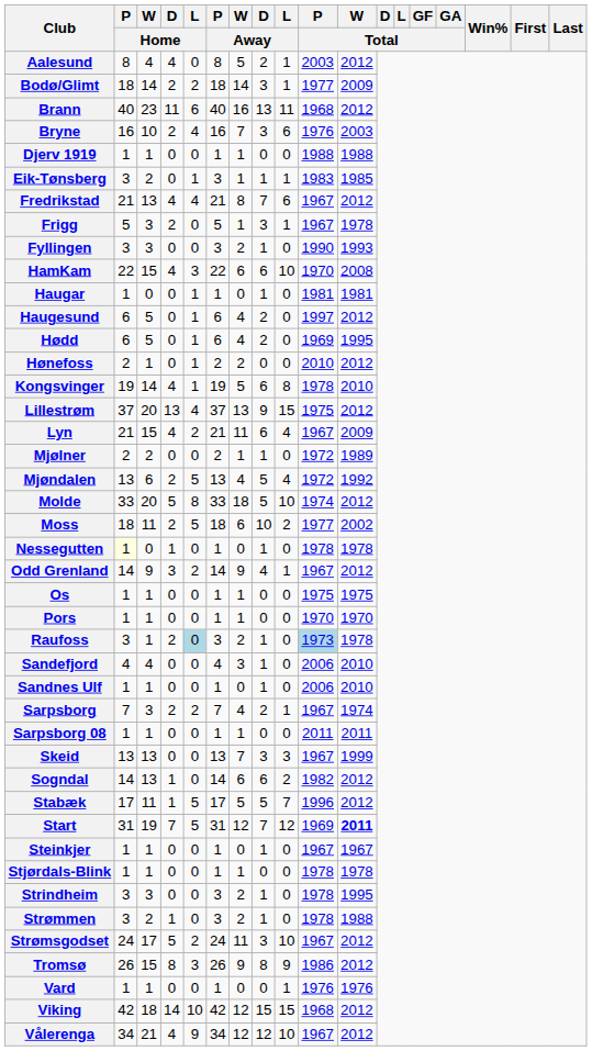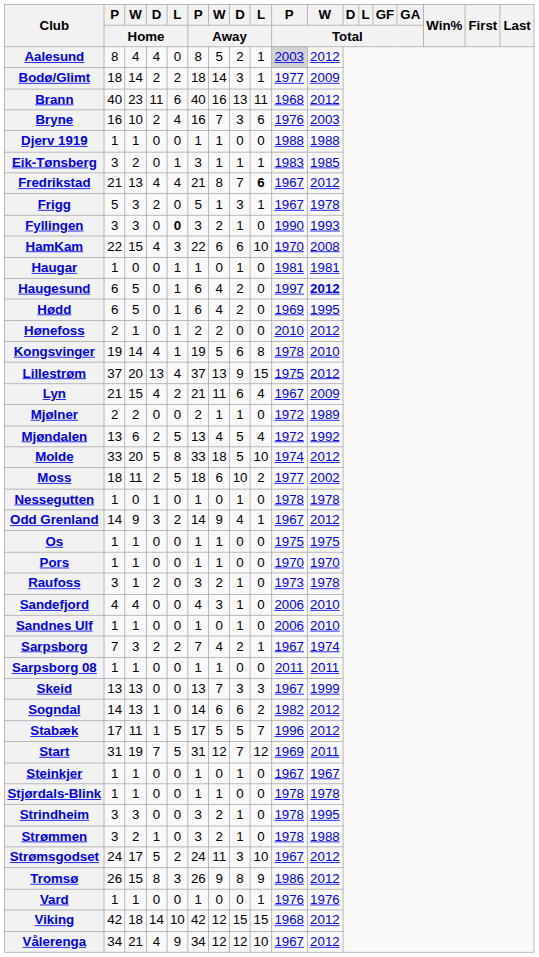 <table class="wikitable sortable plainrowheaders" style="text-align:center">
 <tr>
 <th rowspan=2 scope=col>Club</th>
 <th scope=col>P</th>
 <th scope=col>W</th>
 <th scope=col>D</th>
 <th scope=col>L</th>
 <th scope=col>P</th>
 <th scope=col>W</th>
 <th scope=col>D</th>
 <th scope=col>L</th>
 <th scope=col>P</th>
 <th scope=col>W</th>
 <th scope=col>D</th>
 <th scope=col>L</th>
 <th scope=col>GF</th>
 <th scope=col>GA</th>
 <th rowspan=2 scope=col>Win%</th>
 <th rowspan=2 scope=col>First</th>
 <th rowspan=2 scope=col>Last</th>
 </tr>
 <tr class="unsortable">
 <th colspan=4 scope=col>Home</th>
 <th colspan=4 scope=col>Away</th>
 <th colspan=6 scope=col>Total</th>
 </tr>
 <tr>
 <th scope=row><a href='#'>Aalesund</a></th>
 <td>8</td>
 <td>4</td>
 <td>4</td>
 <td>0</td>
 <td>8</td>
 <td>5</td>
 <td>2</td>
 <td>1<br></td>
-<td align=center><a href='#'>2003</a></td>
+<td align=center style="background: lightgrey;"><a href='#'>2003</a></td>
 <td align=center><a href='#'>2012</a></td>
 </tr>
 <tr>
 <th scope=row><a href='#'>Bodø/Glimt</a></th>
 <td>18</td>
 <td>14</td>
 <td>2</td>
 <td>2</td>
 <td>18</td>
 <td>14</td>
 <td>3</td>
 <td>1<br></td>
 <td align=center><a href='#'>1977</a></td>
 <td align=center><a href='#'>2009</a></td>
 </tr>
 <tr>
 <th scope=row><a href='#'>Brann</a></th>
 <td>40</td>
 <td>23</td>
 <td>11</td>
 <td>6</td>
 <td>40</td>
 <td>16</td>
 <td>13</td>
 <td>11<br></td>
 <td align=center><a href='#'>1968</a></td>
 <td align=center><a href='#'>2012</a></td>
 </tr>
 <tr>
 <th scope=row><a href='#'>Bryne</a></th>
 <td>16</td>
 <td>10</td>
 <td>2</td>
 <td>4</td>
 <td>16</td>
 <td>7</td>
 <td>3</td>
 <td>6<br></td>
 <td align=center><a href='#'>1976</a></td>
 <td align=center><a href='#'>2003</a></td>
 </tr>
 <tr>
 <th scope=row><a href='#'>Djerv 1919</a></th>
 <td>1</td>
 <td>1</td>
 <td>0</td>
 <td>0</td>
 <td>1</td>
 <td>1</td>
 <td>0</td>
 <td>0<br></td>
 <td align=center><a href='#'>1988</a></td>
 <td align=center><a href='#'>1988</a></td>
 </tr>
 <tr>
 <th scope=row><a href='#'>Eik-Tønsberg</a></th>
 <td>3</td>
 <td>2</td>
 <td>0</td>
 <td>1</td>
 <td>3</td>
 <td>1</td>
 <td>1</td>
 <td>1<br></td>
 <td align=center><a href='#'>1983</a></td>
 <td align=center><a href='#'>1985</a></td>
 </tr>
 <tr>
 <th scope=row><a href='#'>Fredrikstad</a></th>
 <td>21</td>
 <td>13</td>
 <td>4</td>
 <td>4</td>
 <td>21</td>
 <td>8</td>
 <td>7</td>
-<td>6<br></td>
+<td><strong>6<br></strong></td>
 <td align=center><a href='#'>1967</a></td>
 <td align=center><a href='#'>2012</a></td>
 </tr>
 <tr>
 <th scope=row><a href='#'>Frigg</a></th>
 <td>5</td>
 <td>3</td>
 <td>2</td>
 <td>0</td>
 <td>5</td>
 <td>1</td>
 <td>3</td>
 <td>1<br></td>
 <td align=center><a href='#'>1967</a></td>
 <td align=center><a href='#'>1978</a></td>
 </tr>
 <tr>
 <th scope=row><a href='#'>Fyllingen</a></th>
 <td>3</td>
 <td>3</td>
 <td>0</td>
-<td>0</td>
+<td><strong>0</strong></td>
 <td>3</td>
 <td>2</td>
 <td>1</td>
 <td>0<br></td>
 <td align=center><a href='#'>1990</a></td>
 <td align=center><a href='#'>1993</a></td>
 </tr>
 <tr>
 <th scope=row><a href='#'>HamKam</a></th>
 <td>22</td>
 <td>15</td>
 <td>4</td>
 <td>3</td>
 <td>22</td>
 <td>6</td>
 <td>6</td>
 <td>10<br></td>
 <td align=center><a href='#'>1970</a></td>
 <td align=center><a href='#'>2008</a></td>
 </tr>
 <tr>
 <th scope=row><a href='#'>Haugar</a></th>
 <td>1</td>
 <td>0</td>
 <td>0</td>
 <td>1</td>
 <td>1</td>
 <td>0</td>
 <td>1</td>
 <td>0<br></td>
 <td align=center><a href='#'>1981</a></td>
 <td align=center><a href='#'>1981</a></td>
 </tr>
 <tr>
 <th scope=row><a href='#'>Haugesund</a></th>
 <td>6</td>
 <td>5</td>
 <td>0</td>
 <td>1</td>
 <td>6</td>
 <td>4</td>
 <td>2</td>
 <td>0<br></td>
 <td align=center><a href='#'>1997</a></td>
-<td align=center><a href='#'>2012</a></td>
+<td align=center><strong><a href='#'>2012</a></strong></td>
 </tr>
 <tr>
 <th scope=row><a href='#'>Hødd</a></th>
 <td>6</td>
 <td>5</td>
 <td>0</td>
 <td>1</td>
 <td>6</td>
 <td>4</td>
 <td>2</td>
 <td>0<br></td>
 <td align=center><a href='#'>1969</a></td>
 <td align=center><a href='#'>1995</a></td>
 </tr>
 <tr>
 <th scope=row><a href='#'>Hønefoss</a></th>
 <td>2</td>
 <td>1</td>
 <td>0</td>
 <td>1</td>
 <td>2</td>
 <td>2</td>
 <td>0</td>
 <td>0<br></td>
 <td align=center><a href='#'>2010</a></td>
 <td align=center><a href='#'>2012</a></td>
 </tr>
 <tr>
 <th scope=row><a href='#'>Kongsvinger</a></th>
 <td>19</td>
 <td>14</td>
 <td>4</td>
 <td>1</td>
 <td>19</td>
 <td>5</td>
 <td>6</td>
 <td>8<br></td>
 <td align=center><a href='#'>1978</a></td>
 <td align=center><a href='#'>2010</a></td>
 </tr>
 <tr>
 <th scope=row><a href='#'>Lillestrøm</a></th>
 <td>37</td>
 <td>20</td>
 <td>13</td>
 <td>4</td>
 <td>37</td>
 <td>13</td>
 <td>9</td>
 <td>15<br></td>
 <td align=center><a href='#'>1975</a></td>
 <td align=center><a href='#'>2012</a></td>
 </tr>
 <tr>
 <th scope=row><a href='#'>Lyn</a></th>
 <td>21</td>
 <td>15</td>
 <td>4</td>
 <td>2</td>
 <td>21</td>
 <td>11</td>
 <td>6</td>
 <td>4<br></td>
 <td align=center><a href='#'>1967</a></td>
 <td align=center><a href='#'>2009</a></td>
 </tr>
 <tr>
 <th scope=row><a href='#'>Mjølner</a></th>
 <td>2</td>
 <td>2</td>
 <td>0</td>
 <td>0</td>
 <td>2</td>
 <td>1</td>
 <td>1</td>
 <td>0<br></td>
 <td align=center><a href='#'>1972</a></td>
 <td align=center><a href='#'>1989</a></td>
 </tr>
 <tr>
 <th scope=row><a href='#'>Mjøndalen</a></th>
 <td>13</td>
 <td>6</td>
 <td>2</td>
 <td>5</td>
 <td>13</td>
 <td>4</td>
 <td>5</td>
 <td>4<br></td>
 <td align=center><a href='#'>1972</a></td>
 <td align=center><a href='#'>1992</a></td>
 </tr>
 <tr>
 <th scope=row><a href='#'>Molde</a></th>
 <td>33</td>
 <td>20</td>
 <td>5</td>
 <td>8</td>
 <td>33</td>
 <td>18</td>
 <td>5</td>
 <td>10<br></td>
 <td align=center><a href='#'>1974</a></td>
 <td align=center><a href='#'>2012</a></td>
 </tr>
 <tr>
 <th scope=row><a href='#'>Moss</a></th>
 <td>18</td>
 <td>11</td>
 <td>2</td>
 <td>5</td>
 <td>18</td>
 <td>6</td>
 <td>10</td>
 <td>2<br></td>
 <td align=center><a href='#'>1977</a></td>
 <td align=center><a href='#'>2002</a></td>
 </tr>
 <tr>
 <th scope=row><a href='#'>Nessegutten</a></th>
-<td style="background: lightyellow;">1</td>
+<td>1</td>
 <td>0</td>
 <td>1</td>
 <td>0</td>
 <td>1</td>
 <td>0</td>
 <td>1</td>
 <td>0<br></td>
 <td align=center><a href='#'>1978</a></td>
 <td align=center><a href='#'>1978</a></td>
 </tr>
 <tr>
 <th scope=row><a href='#'>Odd Grenland</a></th>
 <td>14</td>
 <td>9</td>
 <td>3</td>
 <td>2</td>
 <td>14</td>
 <td>9</td>
 <td>4</td>
 <td>1<br></td>
 <td align=center><a href='#'>1967</a></td>
 <td align=center><a href='#'>2012</a></td>
 </tr>
 <tr>
 <th scope=row><a href='#'>Os</a></th>
 <td>1</td>
 <td>1</td>
 <td>0</td>
 <td>0</td>
 <td>1</td>
 <td>1</td>
 <td>0</td>
 <td>0<br></td>
 <td align=center><a href='#'>1975</a></td>
 <td align=center><a href='#'>1975</a></td>
 </tr>
 <tr>
 <th scope=row><a href='#'>Pors</a></th>
 <td>1</td>
 <td>1</td>
 <td>0</td>
 <td>0</td>
 <td>1</td>
 <td>1</td>
 <td>0</td>
 <td>0<br></td>
 <td align=center><a href='#'>1970</a></td>
 <td align=center><a href='#'>1970</a></td>
 </tr>
 <tr>
 <th scope=row><a href='#'>Raufoss</a></th>
 <td>3</td>
 <td>1</td>
 <td>2</td>
-<td style="background: lightblue;">0</td>
+<td>0</td>
 <td>3</td>
 <td>2</td>
 <td>1</td>
 <td>0<br></td>
-<td align=center style="background: lightblue;"><a href='#'>1973</a></td>
+<td align=center><a href='#'>1973</a></td>
 <td align=center><a href='#'>1978</a></td>
 </tr>
 <tr>
 <th scope=row><a href='#'>Sandefjord</a></th>
 <td>4</td>
 <td>4</td>
 <td>0</td>
 <td>0</td>
 <td>4</td>
 <td>3</td>
 <td>1</td>
 <td>0<br></td>
 <td align=center><a href='#'>2006</a></td>
 <td align=center><a href='#'>2010</a></td>
 </tr>
 <tr>
 <th scope=row><a href='#'>Sandnes Ulf</a></th>
 <td>1</td>
 <td>1</td>
 <td>0</td>
 <td>0</td>
 <td>1</td>
 <td>0</td>
 <td>1</td>
 <td>0<br></td>
 <td align=center><a href='#'>2006</a></td>
 <td align=center><a href='#'>2010</a></td>
 </tr>
 <tr>
 <th scope=row><a href='#'>Sarpsborg</a></th>
 <td>7</td>
 <td>3</td>
 <td>2</td>
 <td>2</td>
 <td>7</td>
 <td>4</td>
 <td>2</td>
 <td>1<br></td>
 <td align=center><a href='#'>1967</a></td>
 <td align=center><a href='#'>1974</a></td>
 </tr>
 <tr>
 <th scope=row><a href='#'>Sarpsborg 08</a></th>
 <td>1</td>
 <td>1</td>
 <td>0</td>
 <td>0</td>
 <td>1</td>
 <td>1</td>
 <td>0</td>
 <td>0<br></td>
 <td align=center><a href='#'>2011</a></td>
 <td align=center><a href='#'>2011</a></td>
 </tr>
 <tr>
 <th scope=row><a href='#'>Skeid</a></th>
 <td>13</td>
 <td>13</td>
 <td>0</td>
 <td>0</td>
 <td>13</td>
 <td>7</td>
 <td>3</td>
 <td>3<br></td>
 <td align=center><a href='#'>1967</a></td>
 <td align=center><a href='#'>1999</a></td>
 </tr>
 <tr>
 <th scope=row><a href='#'>Sogndal</a></th>
 <td>14</td>
 <td>13</td>
 <td>1</td>
 <td>0</td>
 <td>14</td>
 <td>6</td>
 <td>6</td>
 <td>2<br></td>
 <td align=center><a href='#'>1982</a></td>
 <td align=center><a href='#'>2012</a></td>
 </tr>
 <tr>
 <th scope=row><a href='#'>Stabæk</a></th>
 <td>17</td>
 <td>11</td>
 <td>1</td>
 <td>5</td>
 <td>17</td>
 <td>5</td>
 <td>5</td>
 <td>7<br></td>
 <td align=center><a href='#'>1996</a></td>
 <td align=center><a href='#'>2012</a></td>
 </tr>
 <tr>
 <th scope=row><a href='#'>Start</a></th>
 <td>31</td>
 <td>19</td>
 <td>7</td>
 <td>5</td>
 <td>31</td>
 <td>12</td>
 <td>7</td>
 <td>12<br></td>
 <td align=center><a href='#'>1969</a></td>
-<td align=center><strong><a href='#'>2011</a></strong></td>
+<td align=center><a href='#'>2011</a></td>
 </tr>
 <tr>
 <th scope=row><a href='#'>Steinkjer</a></th>
 <td>1</td>
 <td>1</td>
 <td>0</td>
 <td>0</td>
 <td>1</td>
 <td>0</td>
 <td>1</td>
 <td>0<br></td>
 <td align=center><a href='#'>1967</a></td>
 <td align=center><a href='#'>1967</a></td>
 </tr>
 <tr>
 <th scope=row><a href='#'>Stjørdals-Blink</a></th>
 <td>1</td>
 <td>1</td>
 <td>0</td>
 <td>0</td>
 <td>1</td>
 <td>1</td>
 <td>0</td>
 <td>0<br></td>
 <td align=center><a href='#'>1978</a></td>
 <td align=center><a href='#'>1978</a></td>
 </tr>
 <tr>
 <th scope=row><a href='#'>Strindheim</a></th>
 <td>3</td>
 <td>3</td>
 <td>0</td>
 <td>0</td>
 <td>3</td>
 <td>2</td>
 <td>1</td>
 <td>0<br></td>
 <td align=center><a href='#'>1978</a></td>
 <td align=center><a href='#'>1995</a></td>
 </tr>
 <tr>
 <th scope=row><a href='#'>Strømmen</a></th>
 <td>3</td>
 <td>2</td>
 <td>1</td>
 <td>0</td>
 <td>3</td>
 <td>2</td>
 <td>1</td>
 <td>0<br></td>
 <td align=center><a href='#'>1978</a></td>
 <td align=center><a href='#'>1988</a></td>
 </tr>
 <tr>
 <th scope=row><a href='#'>Strømsgodset</a></th>
 <td>24</td>
 <td>17</td>
 <td>5</td>
 <td>2</td>
 <td>24</td>
 <td>11</td>
 <td>3</td>
 <td>10<br></td>
 <td align=center><a href='#'>1967</a></td>
 <td align=center><a href='#'>2012</a></td>
 </tr>
 <tr>
 <th scope=row><a href='#'>Tromsø</a></th>
 <td>26</td>
 <td>15</td>
 <td>8</td>
 <td>3</td>
 <td>26</td>
 <td>9</td>
 <td>8</td>
 <td>9<br></td>
 <td align=center><a href='#'>1986</a></td>
 <td align=center><a href='#'>2012</a></td>
 </tr>
 <tr>
 <th scope=row><a href='#'>Vard</a></th>
 <td>1</td>
 <td>1</td>
 <td>0</td>
 <td>0</td>
 <td>1</td>
 <td>0</td>
 <td>0</td>
 <td>1<br></td>
 <td align=center><a href='#'>1976</a></td>
 <td align=center><a href='#'>1976</a></td>
 </tr>
 <tr>
 <th scope=row><a href='#'>Viking</a></th>
 <td>42</td>
 <td>18</td>
 <td>14</td>
 <td>10</td>
 <td>42</td>
 <td>12</td>
 <td>15</td>
 <td>15<br></td>
 <td align=center><a href='#'>1968</a></td>
 <td align=center><a href='#'>2012</a></td>
 </tr>
 <tr>
 <th scope=row><a href='#'>Vålerenga</a></th>
 <td>34</td>
 <td>21</td>
 <td>4</td>
 <td>9</td>
 <td>34</td>
 <td>12</td>
 <td>12</td>
 <td>10<br></td>
 <td align=center><a href='#'>1967</a></td>
 <td align=center><a href='#'>2012</a></td>
 </tr>
 </table>
